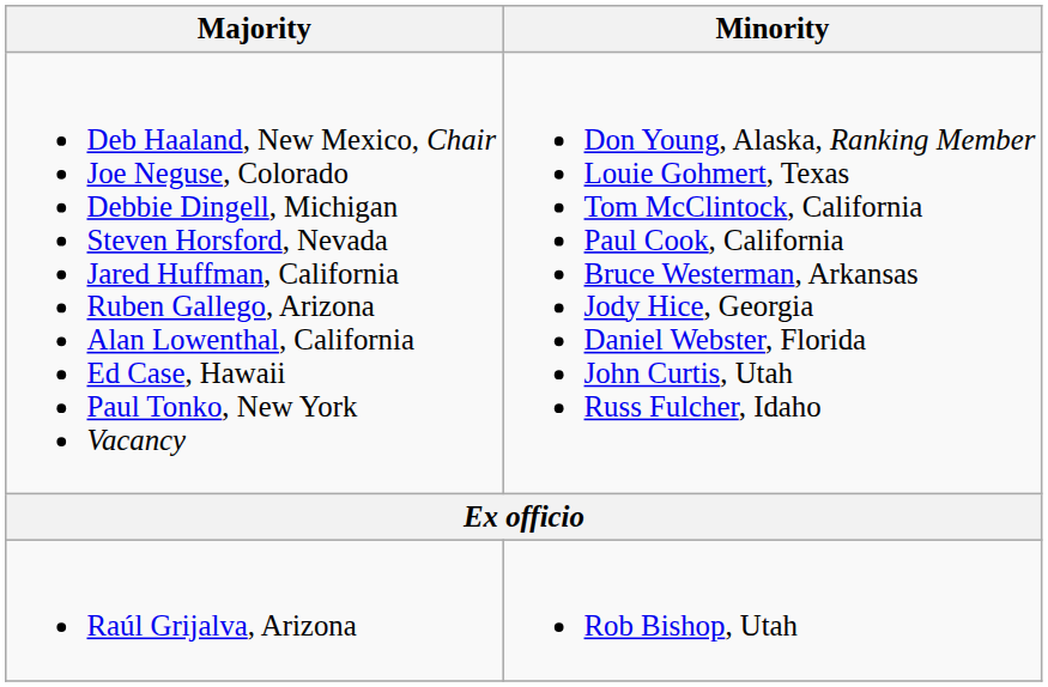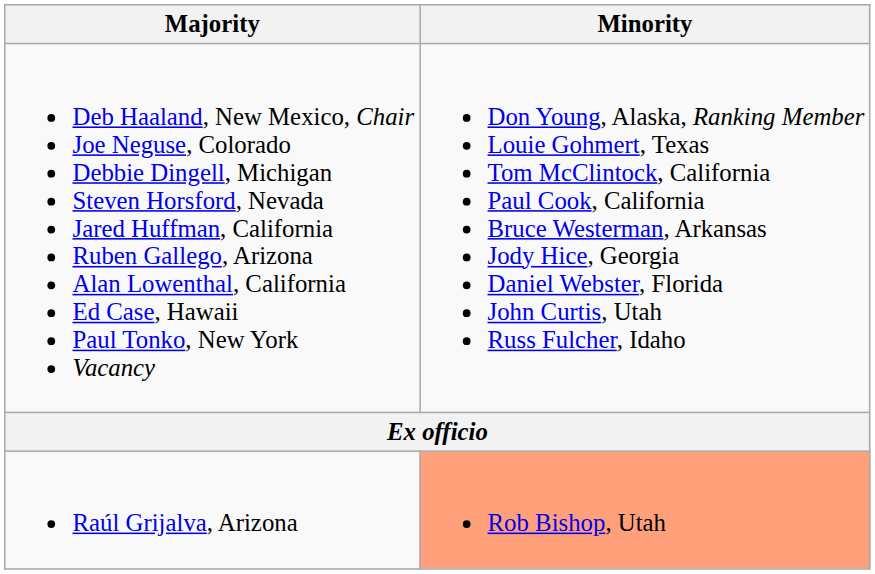 <table class=wikitable>
 <tr>
 <th>Majority</th>
 <th>Minority</th>
 </tr>
 <tr valign=top>
 <td><br><ul><li><a href='#'>Deb Haaland</a>, New Mexico, <em>Chair</em></li><li><a href='#'>Joe Neguse</a>, Colorado</li><li><a href='#'>Debbie Dingell</a>, Michigan</li><li><a href='#'>Steven Horsford</a>, Nevada</li><li><a href='#'>Jared Huffman</a>, California</li><li><a href='#'>Ruben Gallego</a>, Arizona</li><li><a href='#'>Alan Lowenthal</a>, California</li><li><a href='#'>Ed Case</a>, Hawaii</li><li><a href='#'>Paul Tonko</a>, New York</li><li><em>Vacancy</em></li></ul></td>
 <td><br><ul><li><a href='#'>Don Young</a>, Alaska, <em>Ranking Member</em></li><li><a href='#'>Louie Gohmert</a>, Texas</li><li><a href='#'>Tom McClintock</a>, California</li><li><a href='#'>Paul Cook</a>, California</li><li><a href='#'>Bruce Westerman</a>, Arkansas</li><li><a href='#'>Jody Hice</a>, Georgia</li><li><a href='#'>Daniel Webster</a>, Florida</li><li><a href='#'>John Curtis</a>, Utah</li><li><a href='#'>Russ Fulcher</a>, Idaho</li></ul></td>
 </tr>
 <tr>
 <th colspan=2><em>Ex officio</em></th>
 </tr>
 <tr>
 <td><br><ul><li><a href='#'>Raúl Grijalva</a>, Arizona</li></ul></td>
-<td><br><ul><li><a href='#'>Rob Bishop</a>, Utah</li></ul></td>
+<td style="background: lightsalmon;"><br><ul><li><a href='#'>Rob Bishop</a>, Utah</li></ul></td>
 </tr>
 </table>
